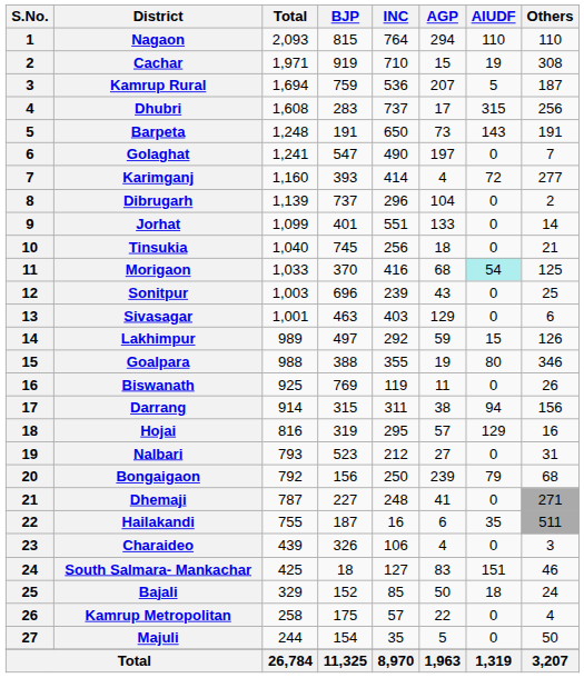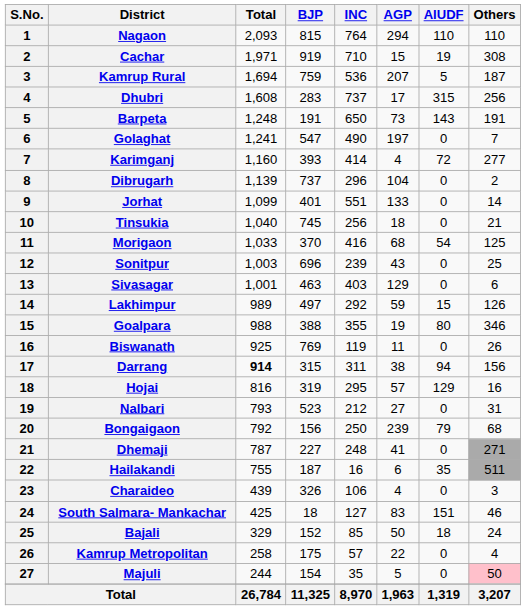 <table class="wikitable plainrowheaders sortable mw-collapsible" style="text-align:center; font-size:95%; width:600px; clear:right; margin:0px 0px 0.5em 1em;">
 <tr>
 <th scope="col">S.No.</th>
 <th scope="col">District</th>
 <th scope="col">Total</th>
 <th scope="col"><a href='#'>BJP</a></th>
 <th scope="col"><a href='#'>INC</a></th>
 <th scope="col"><a href='#'>AGP</a></th>
 <th scope="col"><a href='#'>AIUDF</a></th>
 <th scope="col">Others</th>
 </tr>
 <tr>
 <th scope="row">1</th>
 <th scope="row"><a href='#'>Nagaon</a></th>
 <td>2,093</td>
 <td bgcolor=>815</td>
 <td>764</td>
 <td>294</td>
 <td>110</td>
 <td>110</td>
 </tr>
 <tr>
 <th scope="row">2</th>
 <th scope="row"><a href='#'>Cachar</a></th>
 <td>1,971</td>
 <td bgcolor=>919</td>
 <td>710</td>
 <td>15</td>
 <td>19</td>
 <td>308</td>
 </tr>
 <tr>
 <th scope="row">3</th>
 <th scope="row"><a href='#'>Kamrup Rural</a></th>
 <td>1,694</td>
 <td bgcolor=>759</td>
 <td>536</td>
 <td>207</td>
 <td>5</td>
 <td>187</td>
 </tr>
 <tr>
 <th scope="row">4</th>
 <th scope="row"><a href='#'>Dhubri</a></th>
 <td>1,608</td>
 <td>283</td>
 <td bgcolor=>737</td>
 <td>17</td>
 <td>315</td>
 <td>256</td>
 </tr>
 <tr>
 <th scope="row">5</th>
 <th scope="row"><a href='#'>Barpeta</a></th>
 <td>1,248</td>
 <td>191</td>
 <td bgcolor=>650</td>
 <td>73</td>
 <td>143</td>
 <td>191</td>
 </tr>
 <tr>
 <th scope="row">6</th>
 <th scope="row"><a href='#'>Golaghat</a></th>
 <td>1,241</td>
 <td bgcolor=>547</td>
 <td>490</td>
 <td>197</td>
 <td>0</td>
 <td>7</td>
 </tr>
 <tr>
 <th scope="row">7</th>
 <th scope="row"><a href='#'>Karimganj</a></th>
 <td>1,160</td>
 <td>393</td>
 <td bgcolor=>414</td>
 <td>4</td>
 <td>72</td>
 <td>277</td>
 </tr>
 <tr>
 <th scope="row">8</th>
 <th scope="row"><a href='#'>Dibrugarh</a></th>
 <td>1,139</td>
 <td bgcolor=>737</td>
 <td>296</td>
 <td>104</td>
 <td>0</td>
 <td>2</td>
 </tr>
 <tr>
 <th scope="row">9</th>
 <th scope="row"><a href='#'>Jorhat</a></th>
 <td>1,099</td>
 <td>401</td>
 <td bgcolor=>551</td>
 <td>133</td>
 <td>0</td>
 <td>14</td>
 </tr>
 <tr>
 <th scope="row">10</th>
 <th scope="row"><a href='#'>Tinsukia</a></th>
 <td>1,040</td>
 <td bgcolor=>745</td>
 <td>256</td>
 <td>18</td>
 <td>0</td>
 <td>21</td>
 </tr>
 <tr>
 <th scope="row">11</th>
 <th scope="row"><a href='#'>Morigaon</a></th>
 <td>1,033</td>
 <td>370</td>
 <td bgcolor=>416</td>
 <td>68</td>
-<td style="background: paleturquoise;">54</td>
+<td>54</td>
 <td>125</td>
 </tr>
 <tr>
 <th scope="row">12</th>
 <th scope="row"><a href='#'>Sonitpur</a></th>
 <td>1,003</td>
 <td bgcolor=>696</td>
 <td>239</td>
 <td>43</td>
 <td>0</td>
 <td>25</td>
 </tr>
 <tr>
 <th scope="row">13</th>
 <th scope="row"><a href='#'>Sivasagar</a></th>
 <td>1,001</td>
 <td bgcolor=>463</td>
 <td>403</td>
 <td>129</td>
 <td>0</td>
 <td>6</td>
 </tr>
 <tr>
 <th scope="row">14</th>
 <th scope="row"><a href='#'>Lakhimpur</a></th>
 <td>989</td>
 <td bgcolor=>497</td>
 <td>292</td>
 <td>59</td>
 <td>15</td>
 <td>126</td>
 </tr>
 <tr>
 <th scope="row">15</th>
 <th scope="row"><a href='#'>Goalpara</a></th>
 <td>988</td>
 <td bgcolor=>388</td>
 <td>355</td>
 <td>19</td>
 <td>80</td>
 <td>346</td>
 </tr>
 <tr>
 <th scope="row">16</th>
 <th scope="row"><a href='#'>Biswanath</a></th>
 <td>925</td>
 <td bgcolor=>769</td>
 <td>119</td>
 <td>11</td>
 <td>0</td>
 <td>26</td>
 </tr>
 <tr>
 <th scope="row">17</th>
 <th scope="row"><a href='#'>Darrang</a></th>
-<td>914</td>
+<td><strong>914</strong></td>
 <td bgcolor=>315</td>
 <td>311</td>
 <td>38</td>
 <td>94</td>
 <td>156</td>
 </tr>
 <tr>
 <th scope="row">18</th>
 <th scope="row"><a href='#'>Hojai</a></th>
 <td>816</td>
 <td bgcolor=>319</td>
 <td>295</td>
 <td>57</td>
 <td>129</td>
 <td>16</td>
 </tr>
 <tr>
 <th scope="row">19</th>
 <th scope="row"><a href='#'>Nalbari</a></th>
 <td>793</td>
 <td bgcolor=>523</td>
 <td>212</td>
 <td>27</td>
 <td>0</td>
 <td>31</td>
 </tr>
 <tr>
 <th scope="row">20</th>
 <th scope="row"><a href='#'>Bongaigaon</a></th>
 <td>792</td>
 <td>156</td>
 <td bgcolor=>250</td>
 <td>239</td>
 <td>79</td>
 <td>68</td>
 </tr>
 <tr>
 <th scope="row">21</th>
 <th scope="row"><a href='#'>Dhemaji</a></th>
 <td>787</td>
 <td>227</td>
 <td>248</td>
 <td>41</td>
 <td>0</td>
 <td bgcolor=#AAAAAA>271</td>
 </tr>
 <tr>
 <th scope="row">22</th>
 <th scope="row"><a href='#'>Hailakandi</a></th>
 <td>755</td>
 <td>187</td>
 <td>16</td>
 <td>6</td>
 <td>35</td>
 <td bgcolor=#AAAAAA>511</td>
 </tr>
 <tr>
 <th scope="row">23</th>
 <th scope="row"><a href='#'>Charaideo</a></th>
 <td>439</td>
 <td bgcolor=>326</td>
 <td>106</td>
 <td>4</td>
 <td>0</td>
 <td>3</td>
 </tr>
 <tr>
 <th scope="row">24</th>
 <th scope="row"><a href='#'>South Salmara- Mankachar</a></th>
 <td>425</td>
 <td>18</td>
 <td>127</td>
 <td>83</td>
 <td bgcolor=>151</td>
 <td>46</td>
 </tr>
 <tr>
 <th scope="row">25</th>
 <th scope="row"><a href='#'>Bajali</a></th>
 <td>329</td>
 <td bgcolor=>152</td>
 <td>85</td>
 <td>50</td>
 <td>18</td>
 <td>24</td>
 </tr>
 <tr>
 <th scope="row">26</th>
 <th scope="row"><a href='#'>Kamrup Metropolitan</a></th>
 <td>258</td>
 <td bgcolor=>175</td>
 <td>57</td>
 <td>22</td>
 <td>0</td>
 <td>4</td>
 </tr>
 <tr>
 <th scope="row">27</th>
 <th scope="row"><a href='#'>Majuli</a></th>
 <td>244</td>
 <td bgcolor=>154</td>
 <td>35</td>
 <td>5</td>
 <td>0</td>
-<td>50</td>
+<td style="background: pink;">50</td>
 </tr>
 <tr>
 </tr>
 <tr class="sortbottom">
 <th colspan="2">Total</th>
 <th scope="col">26,784</th>
 <th scope="col">11,325</th>
 <th scope="col">8,970</th>
 <th scope="col">1,963</th>
 <th scope="col">1,319</th>
 <th scope="col">3,207</th>
 </tr>
 </table>
